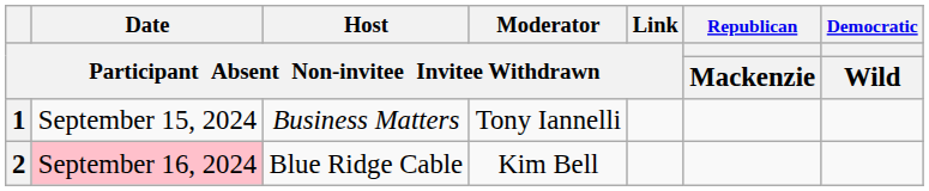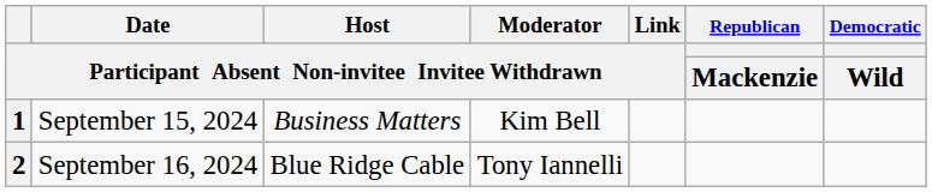 <table class="wikitable" style="text-align:center;">
 <tr style="font-size:small;">
 <th scope="col"></th>
 <th scope="col">Date</th>
 <th scope="col">Host</th>
 <th scope="col">Moderator</th>
 <th scope="col">Link</th>
 <th scope="col"><small><a href='#'>Republican</a></small></th>
 <th scope="col"><small><a href='#'>Democratic</a></small></th>
 </tr>
 <tr>
 <th colspan="5" rowspan="2"> <small>Participant </small>  <small>Absent </small>  <small>Non-invitee </small>  <small>Invitee  Withdrawn</small></th>
 <th scope="col" style="background:"></th>
 <th scope="col" style="background:"></th>
 </tr>
 <tr>
 <th scope="col">Mackenzie</th>
 <th scope="col">Wild</th>
 </tr>
 <tr>
 <th scope="row">1</th>
 <td style="white-space:nowrap;">September 15, 2024</td>
 <td style="white-space:nowrap;"><em>Business Matters</em></td>
-<td style="white-space:nowrap;">Tony Iannelli</td>
+<td style="white-space:nowrap;">Kim Bell</td>
 <td style="white-space:nowrap;"></td>
 <td></td>
 <td></td>
 </tr>
 <tr>
 <th scope="row">2</th>
-<td style="background: pink; white-space:nowrap;">September 16, 2024</td>
+<td style="white-space:nowrap;">September 16, 2024</td>
 <td style="white-space:nowrap;">Blue Ridge Cable</td>
-<td style="white-space:nowrap;">Kim Bell</td>
+<td style="white-space:nowrap;">Tony Iannelli</td>
 <td style="white-space:nowrap;"><br></td>
 <td></td>
 <td></td>
 </tr>
 </table>
